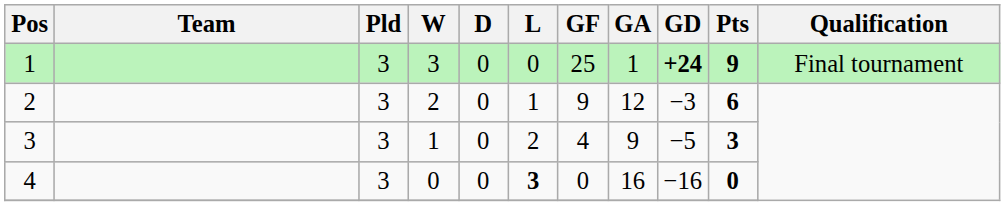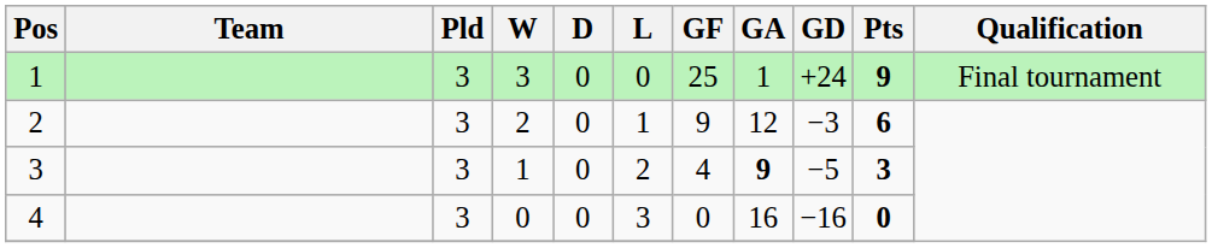 <table class="wikitable" border="1" style="text-align: center;">
 <tr>
 <th width="25"><abbr>Pos</abbr></th>
 <th width="190">Team</th>
 <th width="25"><abbr>Pld</abbr></th>
 <th width="25"><abbr>W</abbr></th>
 <th width="25"><abbr>D</abbr></th>
 <th width="25"><abbr>L</abbr></th>
 <th width="25"><abbr>GF</abbr></th>
 <th width="25"><abbr>GA</abbr></th>
 <th width="25"><abbr>GD</abbr></th>
 <th width="25"><abbr>Pts</abbr></th>
 <th width="150">Qualification</th>
 </tr>
 <tr bgcolor = #BBF3BB>
 <td>1</td>
 <td align="left"></td>
 <td>3</td>
 <td>3</td>
 <td>0</td>
 <td>0</td>
 <td>25</td>
 <td>1</td>
-<td><strong>+24</strong></td>
+<td>+24</td>
 <td><strong>9</strong></td>
 <td>Final tournament</td>
 </tr>
 <tr>
 <td>2</td>
 <td align="left"></td>
 <td>3</td>
 <td>2</td>
 <td>0</td>
 <td>1</td>
 <td>9</td>
 <td>12</td>
 <td>−3</td>
 <td><strong>6</strong></td>
 </tr>
 <tr>
 <td>3</td>
 <td align="left"></td>
 <td>3</td>
 <td>1</td>
 <td>0</td>
 <td>2</td>
 <td>4</td>
-<td>9</td>
+<td><strong>9</strong></td>
 <td>−5</td>
 <td><strong>3</strong></td>
 </tr>
 <tr>
 <td>4</td>
 <td align="left"></td>
 <td>3</td>
 <td>0</td>
 <td>0</td>
-<td><strong>3</strong></td>
+<td>3</td>
 <td>0</td>
 <td>16</td>
 <td>−16</td>
 <td><strong>0</strong></td>
 </tr>
 <tr>
 </tr>
 </table>
